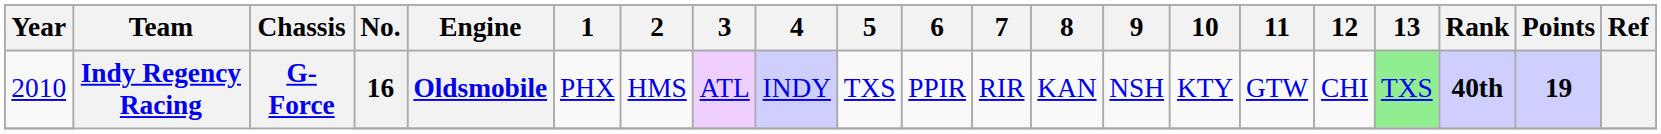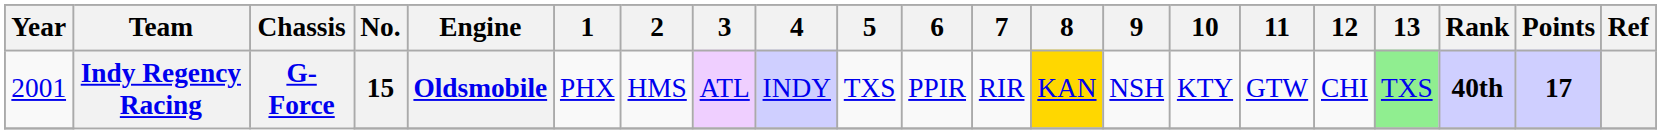 <table class="wikitable" style="text-align:center; font-size:90%">
 <tr>
 <th>Year</th>
 <th>Team</th>
 <th>Chassis</th>
 <th>No.</th>
 <th>Engine</th>
 <th>1</th>
 <th>2</th>
 <th>3</th>
 <th>4</th>
 <th>5</th>
 <th>6</th>
 <th>7</th>
 <th>8</th>
 <th>9</th>
 <th>10</th>
 <th>11</th>
 <th>12</th>
 <th>13</th>
 <th>Rank</th>
 <th>Points</th>
 <th>Ref</th>
 </tr>
 <tr>
-<td><a href='#'>2010</a></td>
+<td><a href='#'>2001</a></td>
 <th rowspan=6><a href='#'>Indy Regency Racing</a></th>
 <th rowspan=11><a href='#'>G-Force</a></th>
-<th>16</th>
+<th>15</th>
 <th><a href='#'>Oldsmobile</a></th>
 <td><a href='#'>PHX</a></td>
 <td><a href='#'>HMS</a></td>
 <td style="background:#EFCFFF;"><a href='#'>ATL</a><br></td>
 <td style="background:#CFCFFF;"><a href='#'>INDY</a><br></td>
 <td><a href='#'>TXS</a></td>
 <td><a href='#'>PPIR</a></td>
 <td><a href='#'>RIR</a></td>
-<td><a href='#'>KAN</a></td>
+<td style="background: gold;"><a href='#'>KAN</a></td>
 <td><a href='#'>NSH</a></td>
 <td><a href='#'>KTY</a></td>
 <td><a href='#'>GTW</a></td>
 <td><a href='#'>CHI</a></td>
 <td style="background: lightgreen;"><a href='#'>TXS</a></td>
 <th style="background:#CFCFFF;">40th</th>
-<th style="background:#CFCFFF;">19</th>
+<th style="background:#CFCFFF;">17</th>
 <th></th>
 </tr>
 <tr>
 </tr>
 </table>
